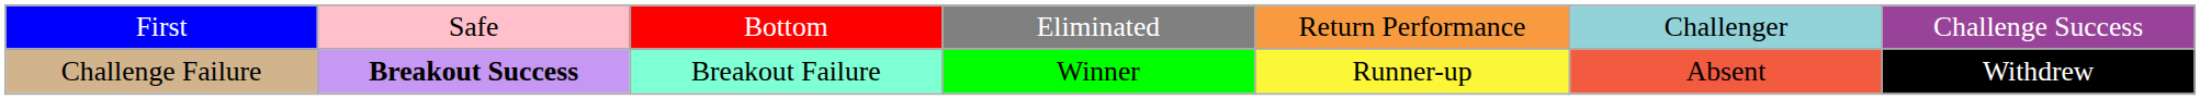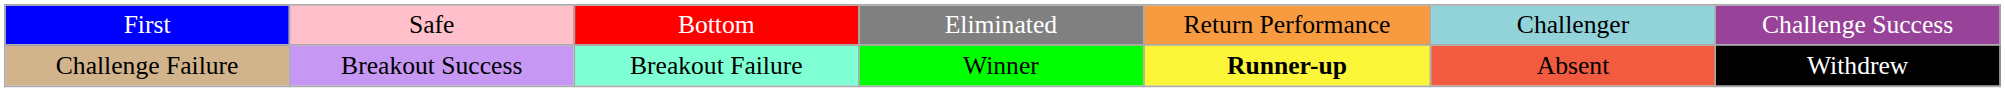 <table class="wikitable" style="text-align:center;">
 <tr>
 <td style="background:blue; color: white; width:7%">First</td>
 <td style="background:pink; width:7%">Safe</td>
 <td style="background:red; color:white; width:7%">Bottom</td>
 <td style="background:grey; color:white; width:7%">Eliminated</td>
 <td style="background:#F89B40; width:7%">Return Performance</td>
 <td style="background:#92D3DA; width:7%">Challenger</td>
 <td style="background:#994299; color:white; width:7%">Challenge Success</td>
 </tr>
 <tr>
 <td style="background:tan; width:7%">Challenge Failure</td>
-<td style="background:#C697F3; width:7%"><strong>Breakout Success</strong></td>
+<td style="background:#C697F3; width:7%">Breakout Success</td>
 <td style="background:#7FFFD4; width:7%">Breakout Failure</td>
 <td style="background:lime; width:7%">Winner</td>
-<td style="background:#FCF639; width:7%; color: black;">Runner-up</td>
+<td style="background:#FCF639; width:7%; color: black;"><strong>Runner-up</strong></td>
 <td style="background:#F25B40; width:7%">Absent</td>
 <td style="background:black; color:white; width:7%">Withdrew</td>
 </tr>
 </table>
